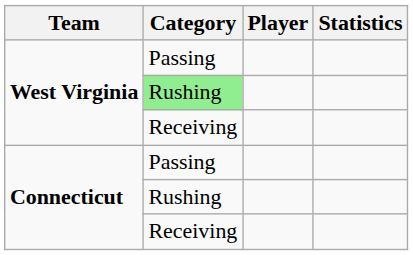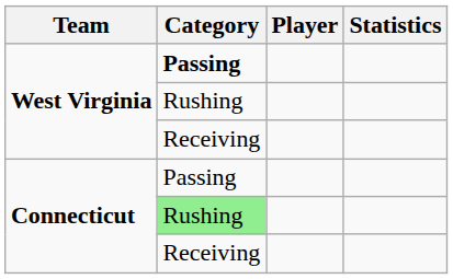 <table class="wikitable" style="float: right;">
 <tr>
 <th>Team</th>
 <th>Category</th>
 <th>Player</th>
 <th>Statistics</th>
 </tr>
 <tr>
 <td rowspan=3><strong>West Virginia</strong></td>
-<td>Passing</td>
+<td><strong>Passing</strong></td>
 <td></td>
 <td></td>
 </tr>
 <tr>
-<td style="background: lightgreen;">Rushing</td>
+<td>Rushing</td>
 <td></td>
 <td></td>
 </tr>
 <tr>
 <td>Receiving</td>
 <td></td>
 <td></td>
 </tr>
 <tr>
 <td rowspan=3><strong>Connecticut</strong></td>
 <td>Passing</td>
 <td></td>
 <td></td>
 </tr>
 <tr>
-<td>Rushing</td>
+<td style="background: lightgreen;">Rushing</td>
 <td></td>
 <td></td>
 </tr>
 <tr>
 <td>Receiving</td>
 <td></td>
 <td></td>
 </tr>
 </table>
